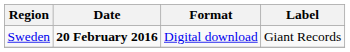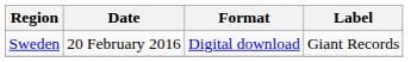 <table class=wikitable>
 <tr>
 <th>Region</th>
 <th>Date</th>
 <th>Format</th>
 <th>Label</th>
 </tr>
 <tr>
 <td><a href='#'>Sweden</a></td>
-<td><strong>20 February 2016</strong></td>
+<td>20 February 2016</td>
 <td><a href='#'>Digital download</a></td>
 <td>Giant Records</td>
 </tr>
 <tr>
 </tr>
 </table>
